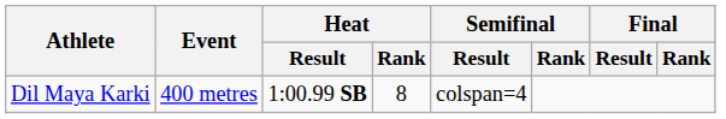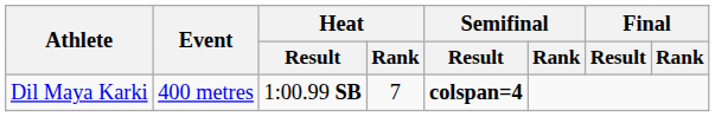 <table class="wikitable" style="font-size:90%">
 <tr>
 <th rowspan="2">Athlete</th>
 <th rowspan="2">Event</th>
 <th colspan="2">Heat</th>
 <th colspan="2">Semifinal</th>
 <th colspan="2">Final</th>
 </tr>
 <tr style="font-size:95%">
 <th>Result</th>
 <th>Rank</th>
 <th>Result</th>
 <th>Rank</th>
 <th>Result</th>
 <th>Rank</th>
 </tr>
 <tr style=text-align:center>
 <td style=text-align:left><a href='#'>Dil Maya Karki</a></td>
 <td style=text-align:left><a href='#'>400 metres</a></td>
 <td>1:00.99 <strong>SB</strong></td>
-<td>8</td>
-<td>colspan=4 </td>
+<td>7</td>
+<td><strong>colspan=4 </strong></td>
 </tr>
 </table>
